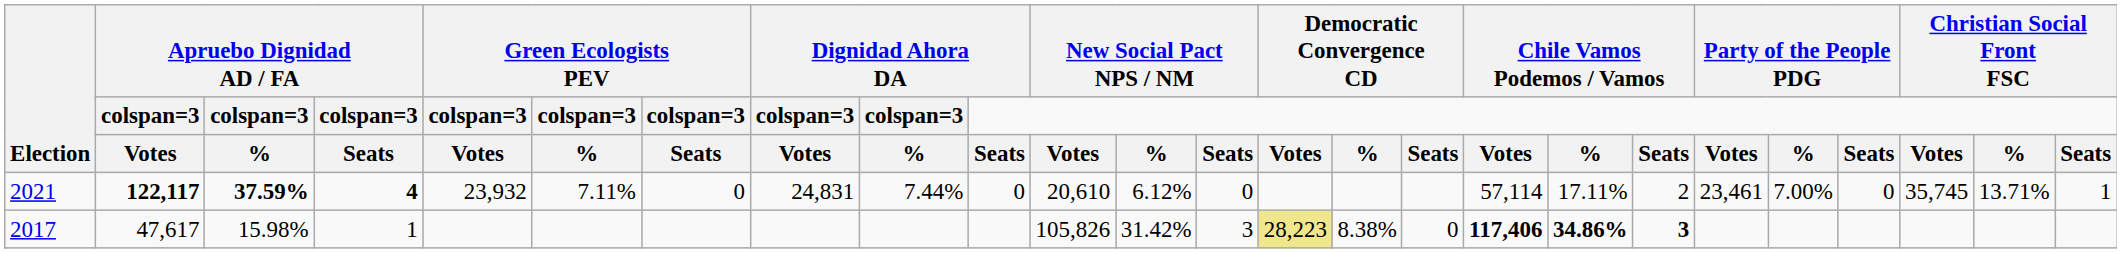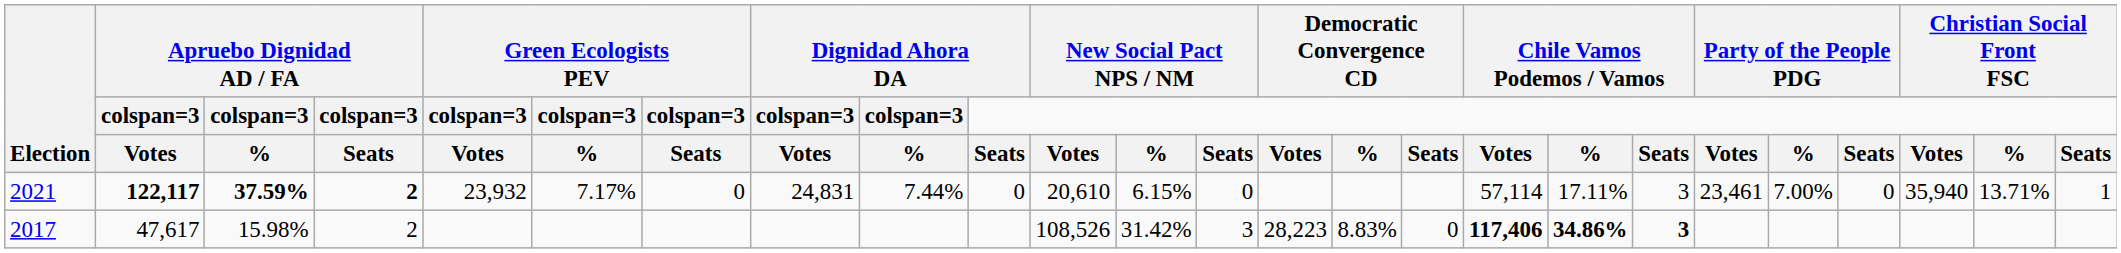 <table class="wikitable" border="1" style="font-size:95%; text-align:right;">
 <tr>
 <th style="text-align:left;" valign=bottom rowspan=3>Election</th>
 <th valign=bottom colspan=3><a href='#'>Apruebo Dignidad</a><br>AD / FA</th>
 <th valign=bottom colspan=3><a href='#'>Green Ecologists</a><br>PEV</th>
 <th valign=bottom colspan=3><a href='#'>Dignidad Ahora</a><br>DA</th>
 <th valign=bottom colspan=3><a href='#'>New Social Pact</a><br>NPS / NM</th>
 <th valign=bottom colspan=3>Democratic<br>Convergence<br>CD</th>
 <th valign=bottom colspan=3><a href='#'>Chile Vamos</a><br>Podemos / Vamos</th>
 <th valign=bottom colspan=3><a href='#'>Party of the People</a><br>PDG</th>
 <th valign=bottom colspan=3><a href='#'>Christian Social Front</a><br>FSC</th>
 </tr>
 <tr>
 <th>colspan=3 </th>
 <th>colspan=3 </th>
 <th>colspan=3 </th>
 <th>colspan=3 </th>
 <th>colspan=3 </th>
 <th>colspan=3 </th>
 <th>colspan=3 </th>
 <th>colspan=3 </th>
 </tr>
 <tr>
 <th>Votes</th>
 <th>%</th>
 <th>Seats</th>
 <th>Votes</th>
 <th>%</th>
 <th>Seats</th>
 <th>Votes</th>
 <th>%</th>
 <th>Seats</th>
 <th>Votes</th>
 <th>%</th>
 <th>Seats</th>
 <th>Votes</th>
 <th>%</th>
 <th>Seats</th>
 <th>Votes</th>
 <th>%</th>
 <th>Seats</th>
 <th>Votes</th>
 <th>%</th>
 <th>Seats</th>
 <th>Votes</th>
 <th>%</th>
 <th>Seats</th>
 </tr>
 <tr>
 <td align=left><a href='#'>2021</a></td>
 <td><strong>122,117</strong></td>
 <td><strong>37.59%</strong></td>
-<td><strong>4</strong></td>
+<td><strong>2</strong></td>
 <td>23,932</td>
-<td>7.11%</td>
+<td>7.17%</td>
 <td>0</td>
 <td>24,831</td>
 <td>7.44%</td>
 <td>0</td>
 <td>20,610</td>
-<td>6.12%</td>
+<td>6.15%</td>
 <td>0</td>
 <td></td>
 <td></td>
 <td></td>
 <td>57,114</td>
 <td>17.11%</td>
-<td>2</td>
+<td>3</td>
 <td>23,461</td>
 <td>7.00%</td>
 <td>0</td>
-<td>35,745</td>
+<td>35,940</td>
 <td>13.71%</td>
 <td>1</td>
 </tr>
 <tr>
 <td align=left><a href='#'>2017</a></td>
 <td>47,617</td>
 <td>15.98%</td>
-<td>1</td>
+<td>2</td>
 <td></td>
 <td></td>
 <td></td>
 <td></td>
 <td></td>
 <td></td>
-<td>105,826</td>
+<td>108,526</td>
 <td>31.42%</td>
 <td>3</td>
-<td style="background: khaki;">28,223</td>
-<td>8.38%</td>
+<td>28,223</td>
+<td>8.83%</td>
 <td>0</td>
 <td><strong>117,406</strong></td>
 <td><strong>34.86%</strong></td>
 <td><strong>3</strong></td>
 <td></td>
 <td></td>
 <td></td>
 <td></td>
 <td></td>
 <td></td>
 </tr>
 </table>
